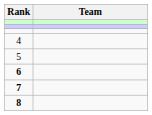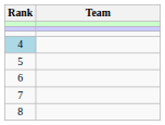 <table class="wikitable">
 <tr>
 <th width=40>Rank</th>
 <th width=180>Team</th>
 </tr>
 <tr bgcolor=#ccffcc>
 <td align=center></td>
 <td></td>
 </tr>
 <tr bgcolor=#ccccff>
 <td align=center></td>
 <td></td>
 </tr>
 <tr>
 <td align=center></td>
 <td></td>
 </tr>
 <tr>
-<td align=center>4</td>
+<td align=center style="background: lightblue;">4</td>
 <td></td>
 </tr>
 <tr>
 <td align=center>5</td>
 <td></td>
 </tr>
 <tr>
-<td align=center><strong>6</strong></td>
+<td align=center>6</td>
 <td></td>
 </tr>
 <tr>
-<td align=center><strong>7</strong></td>
+<td align=center>7</td>
 <td></td>
 </tr>
 <tr>
-<td align=center><strong>8</strong></td>
+<td align=center>8</td>
 <td></td>
 </tr>
 </table>
